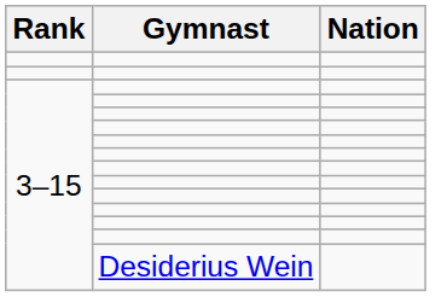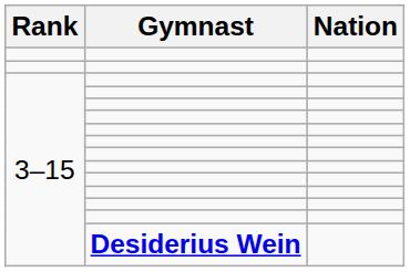 <table class="wikitable sortable" style="text-align:center">
 <tr>
 <th>Rank</th>
 <th>Gymnast</th>
 <th>Nation</th>
 </tr>
 <tr>
 <td></td>
 <td align=left></td>
 <td align=left></td>
 </tr>
 <tr>
 <td></td>
 <td align=left></td>
 <td align=left></td>
 </tr>
 <tr>
 <td rowspan=13>3–15</td>
 <td align=left></td>
 <td align=left></td>
 </tr>
 <tr>
 <td align=left></td>
 <td align=left></td>
 </tr>
 <tr>
 <td align=left></td>
 <td align=left></td>
 </tr>
 <tr>
 <td align=left></td>
 <td align=left></td>
 </tr>
 <tr>
 <td align=left></td>
 <td align=left></td>
 </tr>
 <tr>
 <td align=left></td>
 <td align=left></td>
 </tr>
 <tr>
 <td align=left></td>
 <td align=left></td>
 </tr>
 <tr>
 <td align=left></td>
 <td align=left></td>
 </tr>
 <tr>
 <td align=left></td>
 <td align=left></td>
 </tr>
 <tr>
 <td align=left></td>
 <td align=left></td>
 </tr>
 <tr>
 <td align=left></td>
 <td align=left></td>
 </tr>
 <tr>
 <td align=left></td>
 <td align=left></td>
 </tr>
 <tr>
-<td align=left data-sort-value="Wein, Desiderius"><a href='#'>Desiderius Wein</a></td>
+<td align=left data-sort-value="Wein, Desiderius"><strong><a href='#'>Desiderius Wein</a></strong></td>
 <td align=left></td>
 </tr>
 </table>
